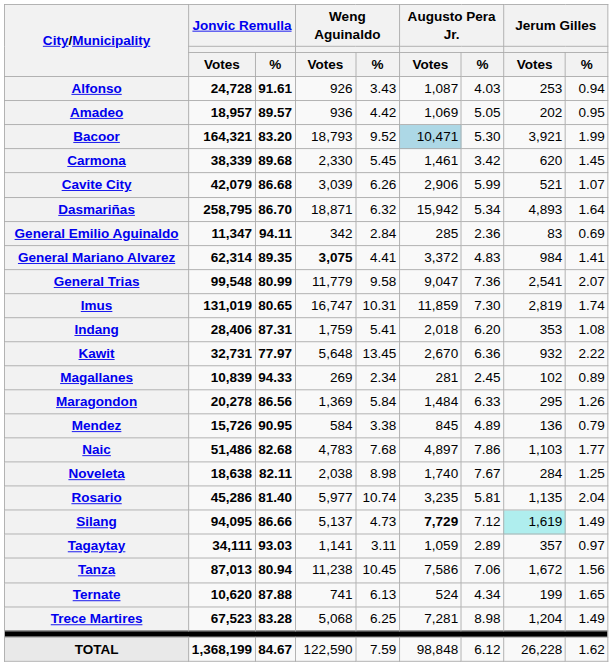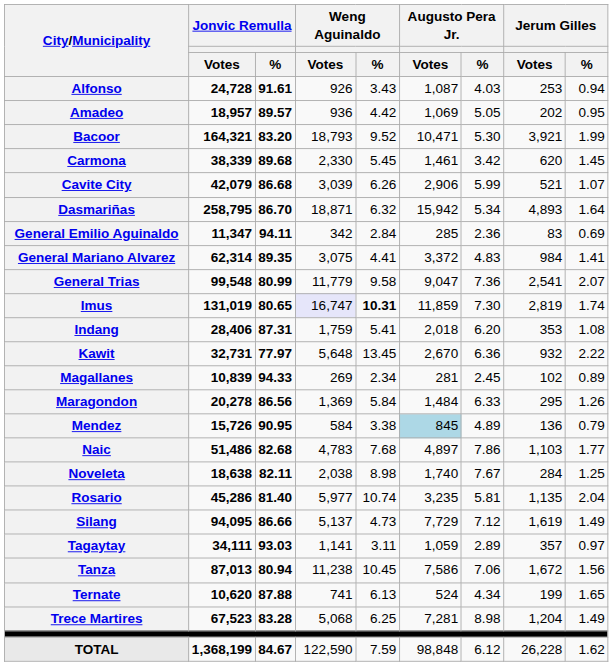 <table class="wikitable collapsible collapsed" style="text-align:right; font-size:95%; line-height:20px;">
 <tr>
 <th rowspan="3" width="200"><a href='#'>City</a>/<a href='#'>Municipality</a></th>
 <th colspan="2" width="110"><a href='#'>Jonvic Remulla</a></th>
 <th colspan="2" width="110">Weng Aguinaldo</th>
 <th colspan="2" width="110">Augusto Pera Jr.</th>
 <th colspan="2" width="110">Jerum Gilles</th>
 </tr>
 <tr>
 <th colspan="2" style="background:"></th>
 <th colspan="2" style="background:"></th>
 <th colspan="2" style="background:"></th>
 <th colspan="2" style="background:"></th>
 </tr>
 <tr>
 <th>Votes</th>
 <th>%</th>
 <th>Votes</th>
 <th>%</th>
 <th>Votes</th>
 <th>%</th>
 <th>Votes</th>
 <th>%</th>
 </tr>
 <tr>
 <th scope="row"><a href='#'>Alfonso</a></th>
 <td style="background:"><strong>24,728</strong></td>
 <td style="background:"><strong>91.61</strong></td>
 <td>926</td>
 <td>3.43</td>
 <td>1,087</td>
 <td>4.03</td>
 <td>253</td>
 <td>0.94</td>
 </tr>
 <tr>
 <th scope="row"><a href='#'>Amadeo</a></th>
 <td style="background:"><strong>18,957</strong></td>
 <td style="background:"><strong>89.57</strong></td>
 <td>936</td>
 <td>4.42</td>
 <td>1,069</td>
 <td>5.05</td>
 <td>202</td>
 <td>0.95</td>
 </tr>
 <tr>
 <th scope="row"><a href='#'>Bacoor</a></th>
 <td style="background:"><strong>164,321</strong></td>
 <td style="background:"><strong>83.20</strong></td>
 <td>18,793</td>
 <td>9.52</td>
-<td style="background: lightblue;">10,471</td>
+<td>10,471</td>
 <td>5.30</td>
 <td>3,921</td>
 <td>1.99</td>
 </tr>
 <tr>
 <th scope="row"><a href='#'>Carmona</a></th>
 <td style="background:"><strong>38,339</strong></td>
 <td style="background:"><strong>89.68</strong></td>
 <td>2,330</td>
 <td>5.45</td>
 <td>1,461</td>
 <td>3.42</td>
 <td>620</td>
 <td>1.45</td>
 </tr>
 <tr>
 <th scope="row"><a href='#'>Cavite City</a></th>
 <td style="background:"><strong>42,079</strong></td>
 <td style="background:"><strong>86.68</strong></td>
 <td>3,039</td>
 <td>6.26</td>
 <td>2,906</td>
 <td>5.99</td>
 <td>521</td>
 <td>1.07</td>
 </tr>
 <tr>
 <th scope="row"><a href='#'>Dasmariñas</a></th>
 <td style="background:"><strong>258,795</strong></td>
 <td style="background:"><strong>86.70</strong></td>
 <td>18,871</td>
 <td>6.32</td>
 <td>15,942</td>
 <td>5.34</td>
 <td>4,893</td>
 <td>1.64</td>
 </tr>
 <tr>
 <th scope="row"><a href='#'>General Emilio Aguinaldo</a></th>
 <td style="background:"><strong>11,347</strong></td>
 <td style="background:"><strong>94.11</strong></td>
 <td>342</td>
 <td>2.84</td>
 <td>285</td>
 <td>2.36</td>
 <td>83</td>
 <td>0.69</td>
 </tr>
 <tr>
 <th scope="row"><a href='#'>General Mariano Alvarez</a></th>
 <td style="background:"><strong>62,314</strong></td>
 <td style="background:"><strong>89.35</strong></td>
-<td><strong>3,075</strong></td>
+<td>3,075</td>
 <td>4.41</td>
 <td>3,372</td>
 <td>4.83</td>
 <td>984</td>
 <td>1.41</td>
 </tr>
 <tr>
 <th scope="row"><a href='#'>General Trias</a></th>
 <td style="background:"><strong>99,548</strong></td>
 <td style="background:"><strong>80.99</strong></td>
 <td>11,779</td>
 <td>9.58</td>
 <td>9,047</td>
 <td>7.36</td>
 <td>2,541</td>
 <td>2.07</td>
 </tr>
 <tr>
 <th scope="row"><a href='#'>Imus</a></th>
 <td style="background:"><strong>131,019</strong></td>
 <td style="background:"><strong>80.65</strong></td>
-<td>16,747</td>
-<td>10.31</td>
+<td style="background: lavender;">16,747</td>
+<td><strong>10.31</strong></td>
 <td>11,859</td>
 <td>7.30</td>
 <td>2,819</td>
 <td>1.74</td>
 </tr>
 <tr>
 <th scope="row"><a href='#'>Indang</a></th>
 <td style="background:"><strong>28,406</strong></td>
 <td style="background:"><strong>87.31</strong></td>
 <td>1,759</td>
 <td>5.41</td>
 <td>2,018</td>
 <td>6.20</td>
 <td>353</td>
 <td>1.08</td>
 </tr>
 <tr>
 <th scope="row"><a href='#'>Kawit</a></th>
 <td style="background:"><strong>32,731</strong></td>
 <td style="background:"><strong>77.97</strong></td>
 <td>5,648</td>
 <td>13.45</td>
 <td>2,670</td>
 <td>6.36</td>
 <td>932</td>
 <td>2.22</td>
 </tr>
 <tr>
 <th scope="row"><a href='#'>Magallanes</a></th>
 <td style="background:"><strong>10,839</strong></td>
 <td style="background:"><strong>94.33</strong></td>
 <td>269</td>
 <td>2.34</td>
 <td>281</td>
 <td>2.45</td>
 <td>102</td>
 <td>0.89</td>
 </tr>
 <tr>
 <th scope="row"><a href='#'>Maragondon</a></th>
 <td style="background:"><strong>20,278</strong></td>
 <td style="background:"><strong>86.56</strong></td>
 <td>1,369</td>
 <td>5.84</td>
 <td>1,484</td>
 <td>6.33</td>
 <td>295</td>
 <td>1.26</td>
 </tr>
 <tr>
 <th scope="row"><a href='#'>Mendez</a></th>
 <td style="background:"><strong>15,726</strong></td>
 <td style="background:"><strong>90.95</strong></td>
 <td>584</td>
 <td>3.38</td>
-<td>845</td>
+<td style="background: lightblue;">845</td>
 <td>4.89</td>
 <td>136</td>
 <td>0.79</td>
 </tr>
 <tr>
 <th scope="row"><a href='#'>Naic</a></th>
 <td style="background:"><strong>51,486</strong></td>
 <td style="background:"><strong>82.68</strong></td>
 <td>4,783</td>
 <td>7.68</td>
 <td>4,897</td>
 <td>7.86</td>
 <td>1,103</td>
 <td>1.77</td>
 </tr>
 <tr>
 <th scope="row"><a href='#'>Noveleta</a></th>
 <td style="background:"><strong>18,638</strong></td>
 <td style="background:"><strong>82.11</strong></td>
 <td>2,038</td>
 <td>8.98</td>
 <td>1,740</td>
 <td>7.67</td>
 <td>284</td>
 <td>1.25</td>
 </tr>
 <tr>
 <th scope="row"><a href='#'>Rosario</a></th>
 <td style="background:"><strong>45,286</strong></td>
 <td style="background:"><strong>81.40</strong></td>
 <td>5,977</td>
 <td>10.74</td>
 <td>3,235</td>
 <td>5.81</td>
 <td>1,135</td>
 <td>2.04</td>
 </tr>
 <tr>
 <th scope="row"><a href='#'>Silang</a></th>
 <td style="background:"><strong>94,095</strong></td>
 <td style="background:"><strong>86.66</strong></td>
 <td>5,137</td>
 <td>4.73</td>
-<td><strong>7,729</strong></td>
+<td>7,729</td>
 <td>7.12</td>
-<td style="background: paleturquoise;">1,619</td>
+<td>1,619</td>
 <td>1.49</td>
 </tr>
 <tr>
 <th scope="row"><a href='#'>Tagaytay</a></th>
 <td style="background:"><strong>34,111</strong></td>
 <td style="background:"><strong>93.03</strong></td>
 <td>1,141</td>
 <td>3.11</td>
 <td>1,059</td>
 <td>2.89</td>
 <td>357</td>
 <td>0.97</td>
 </tr>
 <tr>
 <th scope="row"><a href='#'>Tanza</a></th>
 <td style="background:"><strong>87,013</strong></td>
 <td style="background:"><strong>80.94</strong></td>
 <td>11,238</td>
 <td>10.45</td>
 <td>7,586</td>
 <td>7.06</td>
 <td>1,672</td>
 <td>1.56</td>
 </tr>
 <tr>
 <th scope="row"><a href='#'>Ternate</a></th>
 <td style="background:"><strong>10,620</strong></td>
 <td style="background:"><strong>87.88</strong></td>
 <td>741</td>
 <td>6.13</td>
 <td>524</td>
 <td>4.34</td>
 <td>199</td>
 <td>1.65</td>
 </tr>
 <tr>
 <th scope="row"><a href='#'>Trece Martires</a></th>
 <td style="background:"><strong>67,523</strong></td>
 <td style="background:"><strong>83.28</strong></td>
 <td>5,068</td>
 <td>6.25</td>
 <td>7,281</td>
 <td>8.98</td>
 <td>1,204</td>
 <td>1.49</td>
 </tr>
 <tr>
 <td colspan=9 bgcolor=black></td>
 </tr>
 <tr>
 <td style="background:#E9E9E9;" align="center"><strong>TOTAL</strong></td>
 <td style="background:"><strong>1,368,199</strong></td>
 <td style="background:"><strong>84.67</strong></td>
 <td>122,590</td>
 <td>7.59</td>
 <td>98,848</td>
 <td>6.12</td>
 <td>26,228</td>
 <td>1.62</td>
 </tr>
 </table>
